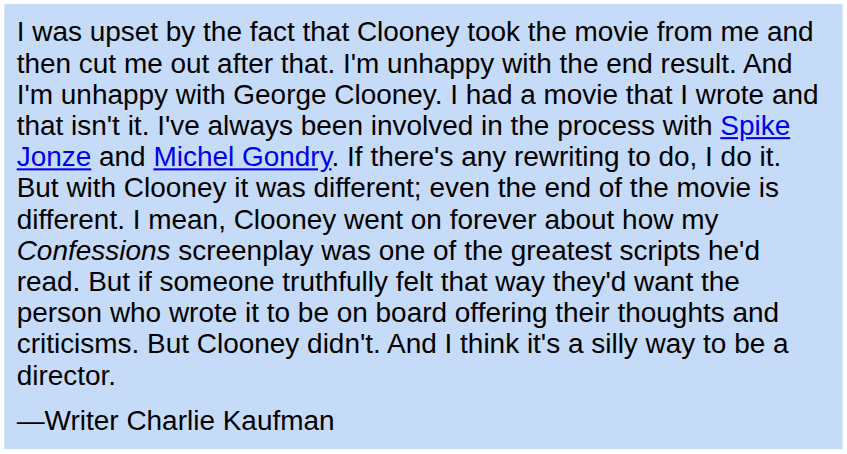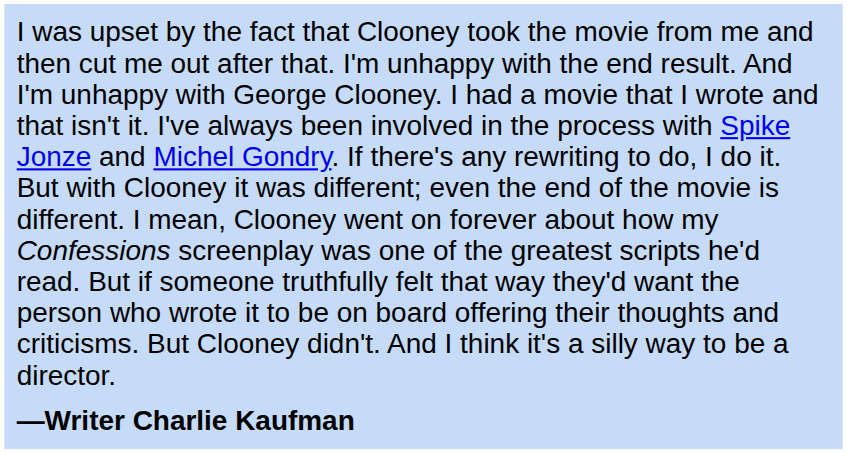 <table class="toccolours" style="float: right; margin-left: 1em; margin-right: 2em; font-size: 84%; background:#c6dbf7; color:black; width:30em; max-width: 40%;" cellspacing="5">
 <tr>
 <td style="text-align: left;">I was upset by the fact that Clooney took the movie from me and then cut me out after that. I'm unhappy with the end result. And I'm unhappy with George Clooney. I had a movie that I wrote and that isn't it. I've always been involved in the process with <a href='#'>Spike Jonze</a> and <a href='#'>Michel Gondry</a>. If there's any rewriting to do, I do it. But with Clooney it was different; even the end of the movie is different. I mean, Clooney went on forever about how my <em>Confessions</em> screenplay was one of the greatest scripts he'd read. But if someone truthfully felt that way they'd want the person who wrote it to be on board offering their thoughts and criticisms. But Clooney didn't. And I think it's a silly way to be a director.</td>
 </tr>
 <tr>
-<td style="text-align: left;">—Writer Charlie Kaufman</td>
+<td style="text-align: left;"><strong>—Writer Charlie Kaufman</strong></td>
 </tr>
 </table>
